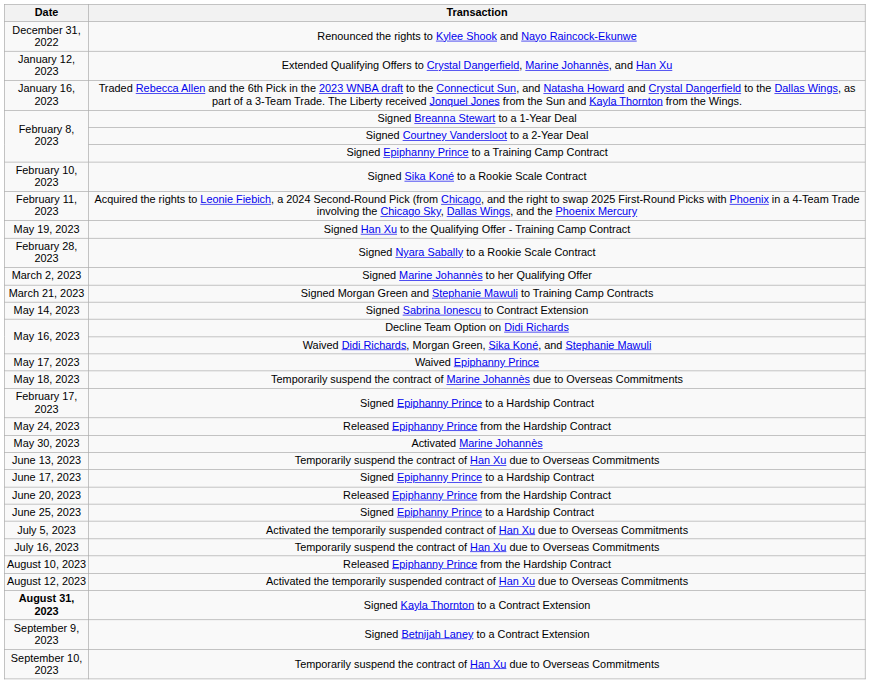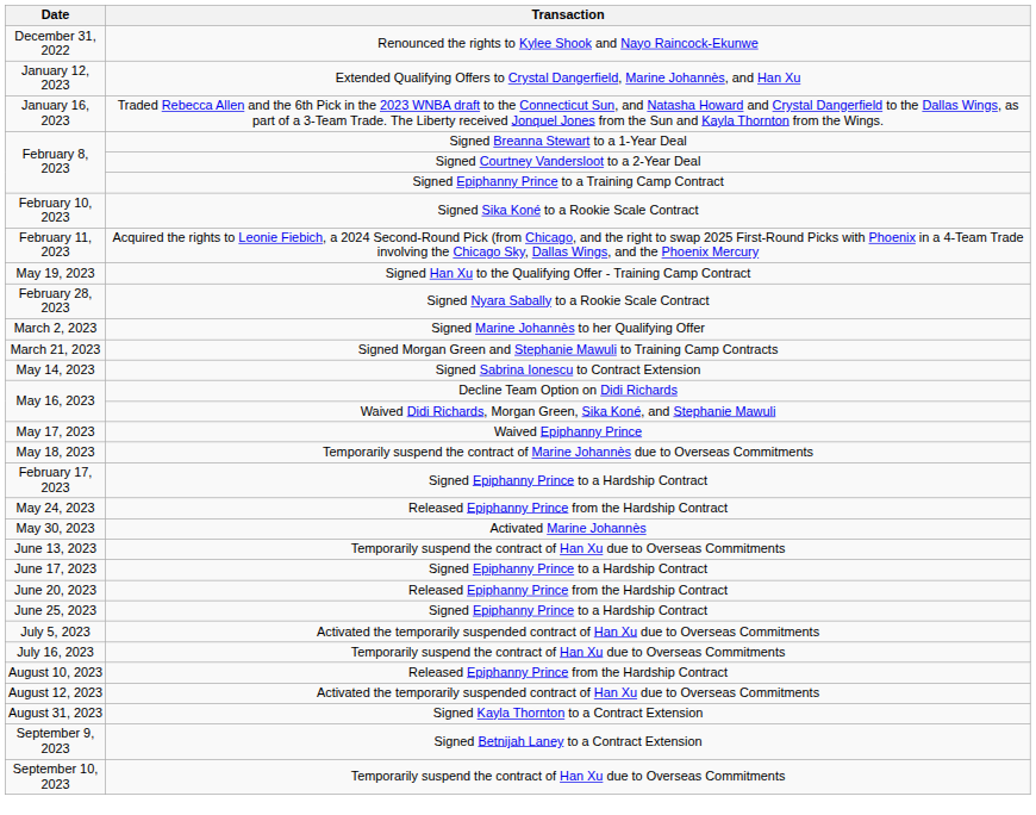 <table class="wikitable" style="width:80%; text-align:center">
 <tr>
 <th>Date</th>
 <th>Transaction</th>
 </tr>
 <tr>
 <td>December 31, 2022</td>
 <td>Renounced the rights to <a href='#'>Kylee Shook</a> and <a href='#'>Nayo Raincock-Ekunwe</a></td>
 </tr>
 <tr>
 <td>January 12, 2023</td>
 <td>Extended Qualifying Offers to <a href='#'>Crystal Dangerfield</a>, <a href='#'>Marine Johannès</a>, and <a href='#'>Han Xu</a></td>
 </tr>
 <tr>
 <td>January 16, 2023</td>
 <td>Traded <a href='#'>Rebecca Allen</a> and the 6th Pick in the <a href='#'>2023 WNBA draft</a> to the <a href='#'>Connecticut Sun</a>, and <a href='#'>Natasha Howard</a> and <a href='#'>Crystal Dangerfield</a> to the <a href='#'>Dallas Wings</a>, as part of a 3-Team Trade. The Liberty received <a href='#'>Jonquel Jones</a> from the Sun and <a href='#'>Kayla Thornton</a> from the Wings.</td>
 </tr>
 <tr>
 <td rowspan=3>February 8, 2023</td>
 <td>Signed <a href='#'>Breanna Stewart</a> to a 1-Year Deal</td>
 </tr>
 <tr>
 <td>Signed <a href='#'>Courtney Vandersloot</a> to a 2-Year Deal</td>
 </tr>
 <tr>
 <td>Signed <a href='#'>Epiphanny Prince</a> to a Training Camp Contract</td>
 </tr>
 <tr>
 <td>February 10, 2023</td>
 <td>Signed <a href='#'>Sika Koné</a> to a Rookie Scale Contract</td>
 </tr>
 <tr>
 <td>February 11, 2023</td>
 <td>Acquired the rights to <a href='#'>Leonie Fiebich</a>, a 2024 Second-Round Pick (from <a href='#'>Chicago</a>, and the right to swap 2025 First-Round Picks with <a href='#'>Phoenix</a> in a 4-Team Trade involving the <a href='#'>Chicago Sky</a>, <a href='#'>Dallas Wings</a>, and the <a href='#'>Phoenix Mercury</a></td>
 </tr>
 <tr>
 <td>May 19, 2023</td>
 <td>Signed <a href='#'>Han Xu</a> to the Qualifying Offer - Training Camp Contract</td>
 </tr>
 <tr>
 <td>February 28, 2023</td>
 <td>Signed <a href='#'>Nyara Sabally</a> to a Rookie Scale Contract</td>
 </tr>
 <tr>
 <td>March 2, 2023</td>
 <td>Signed <a href='#'>Marine Johannès</a> to her Qualifying Offer</td>
 </tr>
 <tr>
 <td>March 21, 2023</td>
 <td>Signed Morgan Green and <a href='#'>Stephanie Mawuli</a> to Training Camp Contracts</td>
 </tr>
 <tr>
 <td>May 14, 2023</td>
 <td>Signed <a href='#'>Sabrina Ionescu</a> to Contract Extension</td>
 </tr>
 <tr>
 <td rowspan=2>May 16, 2023</td>
 <td>Decline Team Option on <a href='#'>Didi Richards</a></td>
 </tr>
 <tr>
 <td>Waived <a href='#'>Didi Richards</a>, Morgan Green, <a href='#'>Sika Koné</a>, and <a href='#'>Stephanie Mawuli</a></td>
 </tr>
 <tr>
 <td>May 17, 2023</td>
 <td>Waived <a href='#'>Epiphanny Prince</a></td>
 </tr>
 <tr>
 <td>May 18, 2023</td>
 <td>Temporarily suspend the contract of <a href='#'>Marine Johannès</a> due to Overseas Commitments</td>
 </tr>
 <tr>
 <td>February 17, 2023</td>
 <td>Signed <a href='#'>Epiphanny Prince</a> to a Hardship Contract</td>
 </tr>
 <tr>
 <td>May 24, 2023</td>
 <td>Released <a href='#'>Epiphanny Prince</a> from the Hardship Contract</td>
 </tr>
 <tr>
 <td>May 30, 2023</td>
 <td>Activated <a href='#'>Marine Johannès</a></td>
 </tr>
 <tr>
 <td>June 13, 2023</td>
 <td>Temporarily suspend the contract of <a href='#'>Han Xu</a> due to Overseas Commitments</td>
 </tr>
 <tr>
 <td>June 17, 2023</td>
 <td>Signed <a href='#'>Epiphanny Prince</a> to a Hardship Contract</td>
 </tr>
 <tr>
 <td>June 20, 2023</td>
 <td>Released <a href='#'>Epiphanny Prince</a> from the Hardship Contract</td>
 </tr>
 <tr>
 <td>June 25, 2023</td>
 <td>Signed <a href='#'>Epiphanny Prince</a> to a Hardship Contract</td>
 </tr>
 <tr>
 <td>July 5, 2023</td>
 <td>Activated the temporarily suspended contract of <a href='#'>Han Xu</a> due to Overseas Commitments</td>
 </tr>
 <tr>
 <td>July 16, 2023</td>
 <td>Temporarily suspend the contract of <a href='#'>Han Xu</a> due to Overseas Commitments</td>
 </tr>
 <tr>
 <td>August 10, 2023</td>
 <td>Released <a href='#'>Epiphanny Prince</a> from the Hardship Contract</td>
 </tr>
 <tr>
 <td>August 12, 2023</td>
 <td>Activated the temporarily suspended contract of <a href='#'>Han Xu</a> due to Overseas Commitments</td>
 </tr>
 <tr>
-<td><strong>August 31, 2023</strong></td>
+<td>August 31, 2023</td>
 <td>Signed <a href='#'>Kayla Thornton</a> to a Contract Extension</td>
 </tr>
 <tr>
 <td>September 9, 2023</td>
 <td>Signed <a href='#'>Betnijah Laney</a> to a Contract Extension</td>
 </tr>
 <tr>
 <td>September 10, 2023</td>
 <td>Temporarily suspend the contract of <a href='#'>Han Xu</a> due to Overseas Commitments</td>
 </tr>
 </table>
